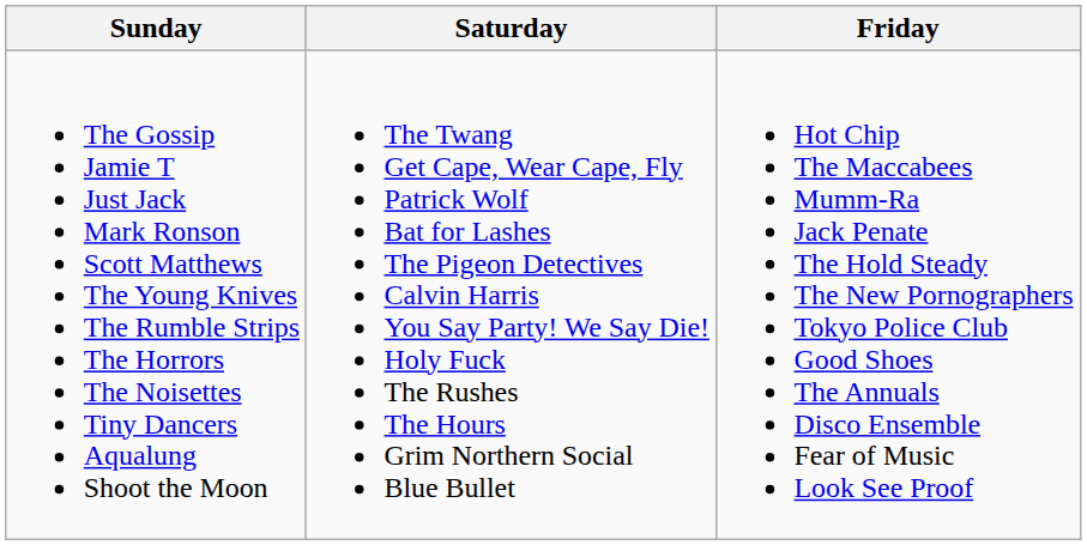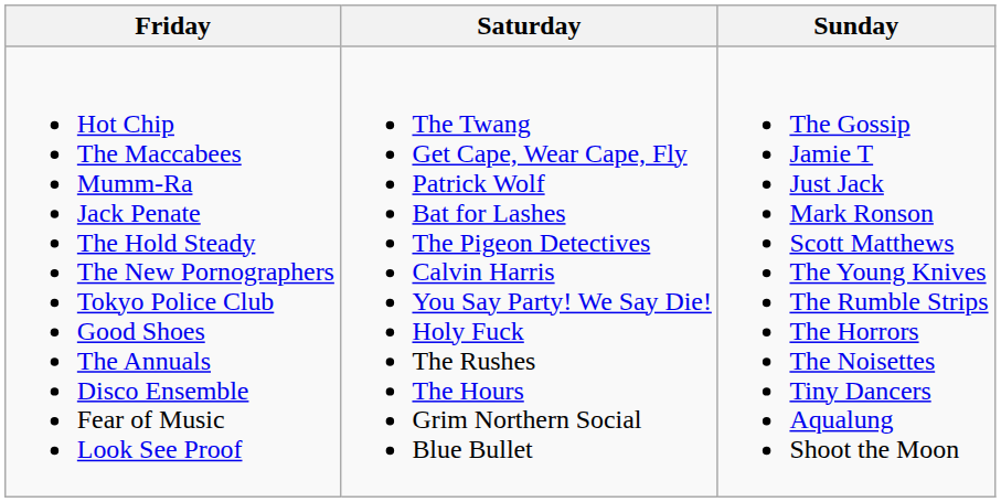 <table class="wikitable">
 <tr>
+<th>Friday</th>
+<th>Saturday</th>
 <th>Sunday</th>
-<th>Saturday</th>
-<th>Friday</th>
 </tr>
 <tr valign="top">
+<td><br><ul><li><a href='#'>Hot Chip</a></li><li><a href='#'>The Maccabees</a></li><li><a href='#'>Mumm-Ra</a></li><li><a href='#'>Jack Penate</a></li><li><a href='#'>The Hold Steady</a></li><li><a href='#'>The New Pornographers</a></li><li><a href='#'>Tokyo Police Club</a></li><li><a href='#'>Good Shoes</a></li><li><a href='#'>The Annuals</a></li><li><a href='#'>Disco Ensemble</a></li><li>Fear of Music</li><li><a href='#'>Look See Proof</a></li></ul></td>
+<td><br><ul><li><a href='#'>The Twang</a></li><li><a href='#'>Get Cape, Wear Cape, Fly</a></li><li><a href='#'>Patrick Wolf</a></li><li><a href='#'>Bat for Lashes</a></li><li><a href='#'>The Pigeon Detectives</a></li><li><a href='#'>Calvin Harris</a></li><li><a href='#'>You Say Party! We Say Die!</a></li><li><a href='#'>Holy Fuck</a></li><li>The Rushes</li><li><a href='#'>The Hours</a></li><li>Grim Northern Social</li><li>Blue Bullet</li></ul></td>
 <td><br><ul><li><a href='#'>The Gossip</a></li><li><a href='#'>Jamie T</a></li><li><a href='#'>Just Jack</a></li><li><a href='#'>Mark Ronson</a></li><li><a href='#'>Scott Matthews</a></li><li><a href='#'>The Young Knives</a></li><li><a href='#'>The Rumble Strips</a></li><li><a href='#'>The Horrors</a></li><li><a href='#'>The Noisettes</a></li><li><a href='#'>Tiny Dancers</a></li><li><a href='#'>Aqualung</a></li><li>Shoot the Moon</li></ul></td>
-<td><br><ul><li><a href='#'>The Twang</a></li><li><a href='#'>Get Cape, Wear Cape, Fly</a></li><li><a href='#'>Patrick Wolf</a></li><li><a href='#'>Bat for Lashes</a></li><li><a href='#'>The Pigeon Detectives</a></li><li><a href='#'>Calvin Harris</a></li><li><a href='#'>You Say Party! We Say Die!</a></li><li><a href='#'>Holy Fuck</a></li><li>The Rushes</li><li><a href='#'>The Hours</a></li><li>Grim Northern Social</li><li>Blue Bullet</li></ul></td>
-<td><br><ul><li><a href='#'>Hot Chip</a></li><li><a href='#'>The Maccabees</a></li><li><a href='#'>Mumm-Ra</a></li><li><a href='#'>Jack Penate</a></li><li><a href='#'>The Hold Steady</a></li><li><a href='#'>The New Pornographers</a></li><li><a href='#'>Tokyo Police Club</a></li><li><a href='#'>Good Shoes</a></li><li><a href='#'>The Annuals</a></li><li><a href='#'>Disco Ensemble</a></li><li>Fear of Music</li><li><a href='#'>Look See Proof</a></li></ul></td>
 </tr>
 </table>
